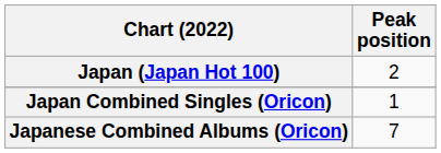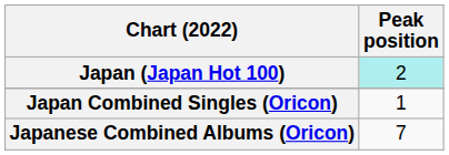 <table class="wikitable sortable plainrowheaders" style="text-align:center">
 <tr>
 <th scope="col">Chart (2022)</th>
 <th scope="col">Peak<br>position</th>
 </tr>
 <tr>
 <th scope="row">Japan (<a href='#'>Japan Hot 100</a>)</th>
-<td>2</td>
+<td style="background: paleturquoise;">2</td>
 </tr>
 <tr>
 </tr>
 <tr>
 <th scope="row">Japan Combined Singles (<a href='#'>Oricon</a>)</th>
 <td>1</td>
 </tr>
 <tr>
 <th scope="row">Japanese Combined Albums (<a href='#'>Oricon</a>)</th>
 <td>7</td>
 </tr>
 </table>
